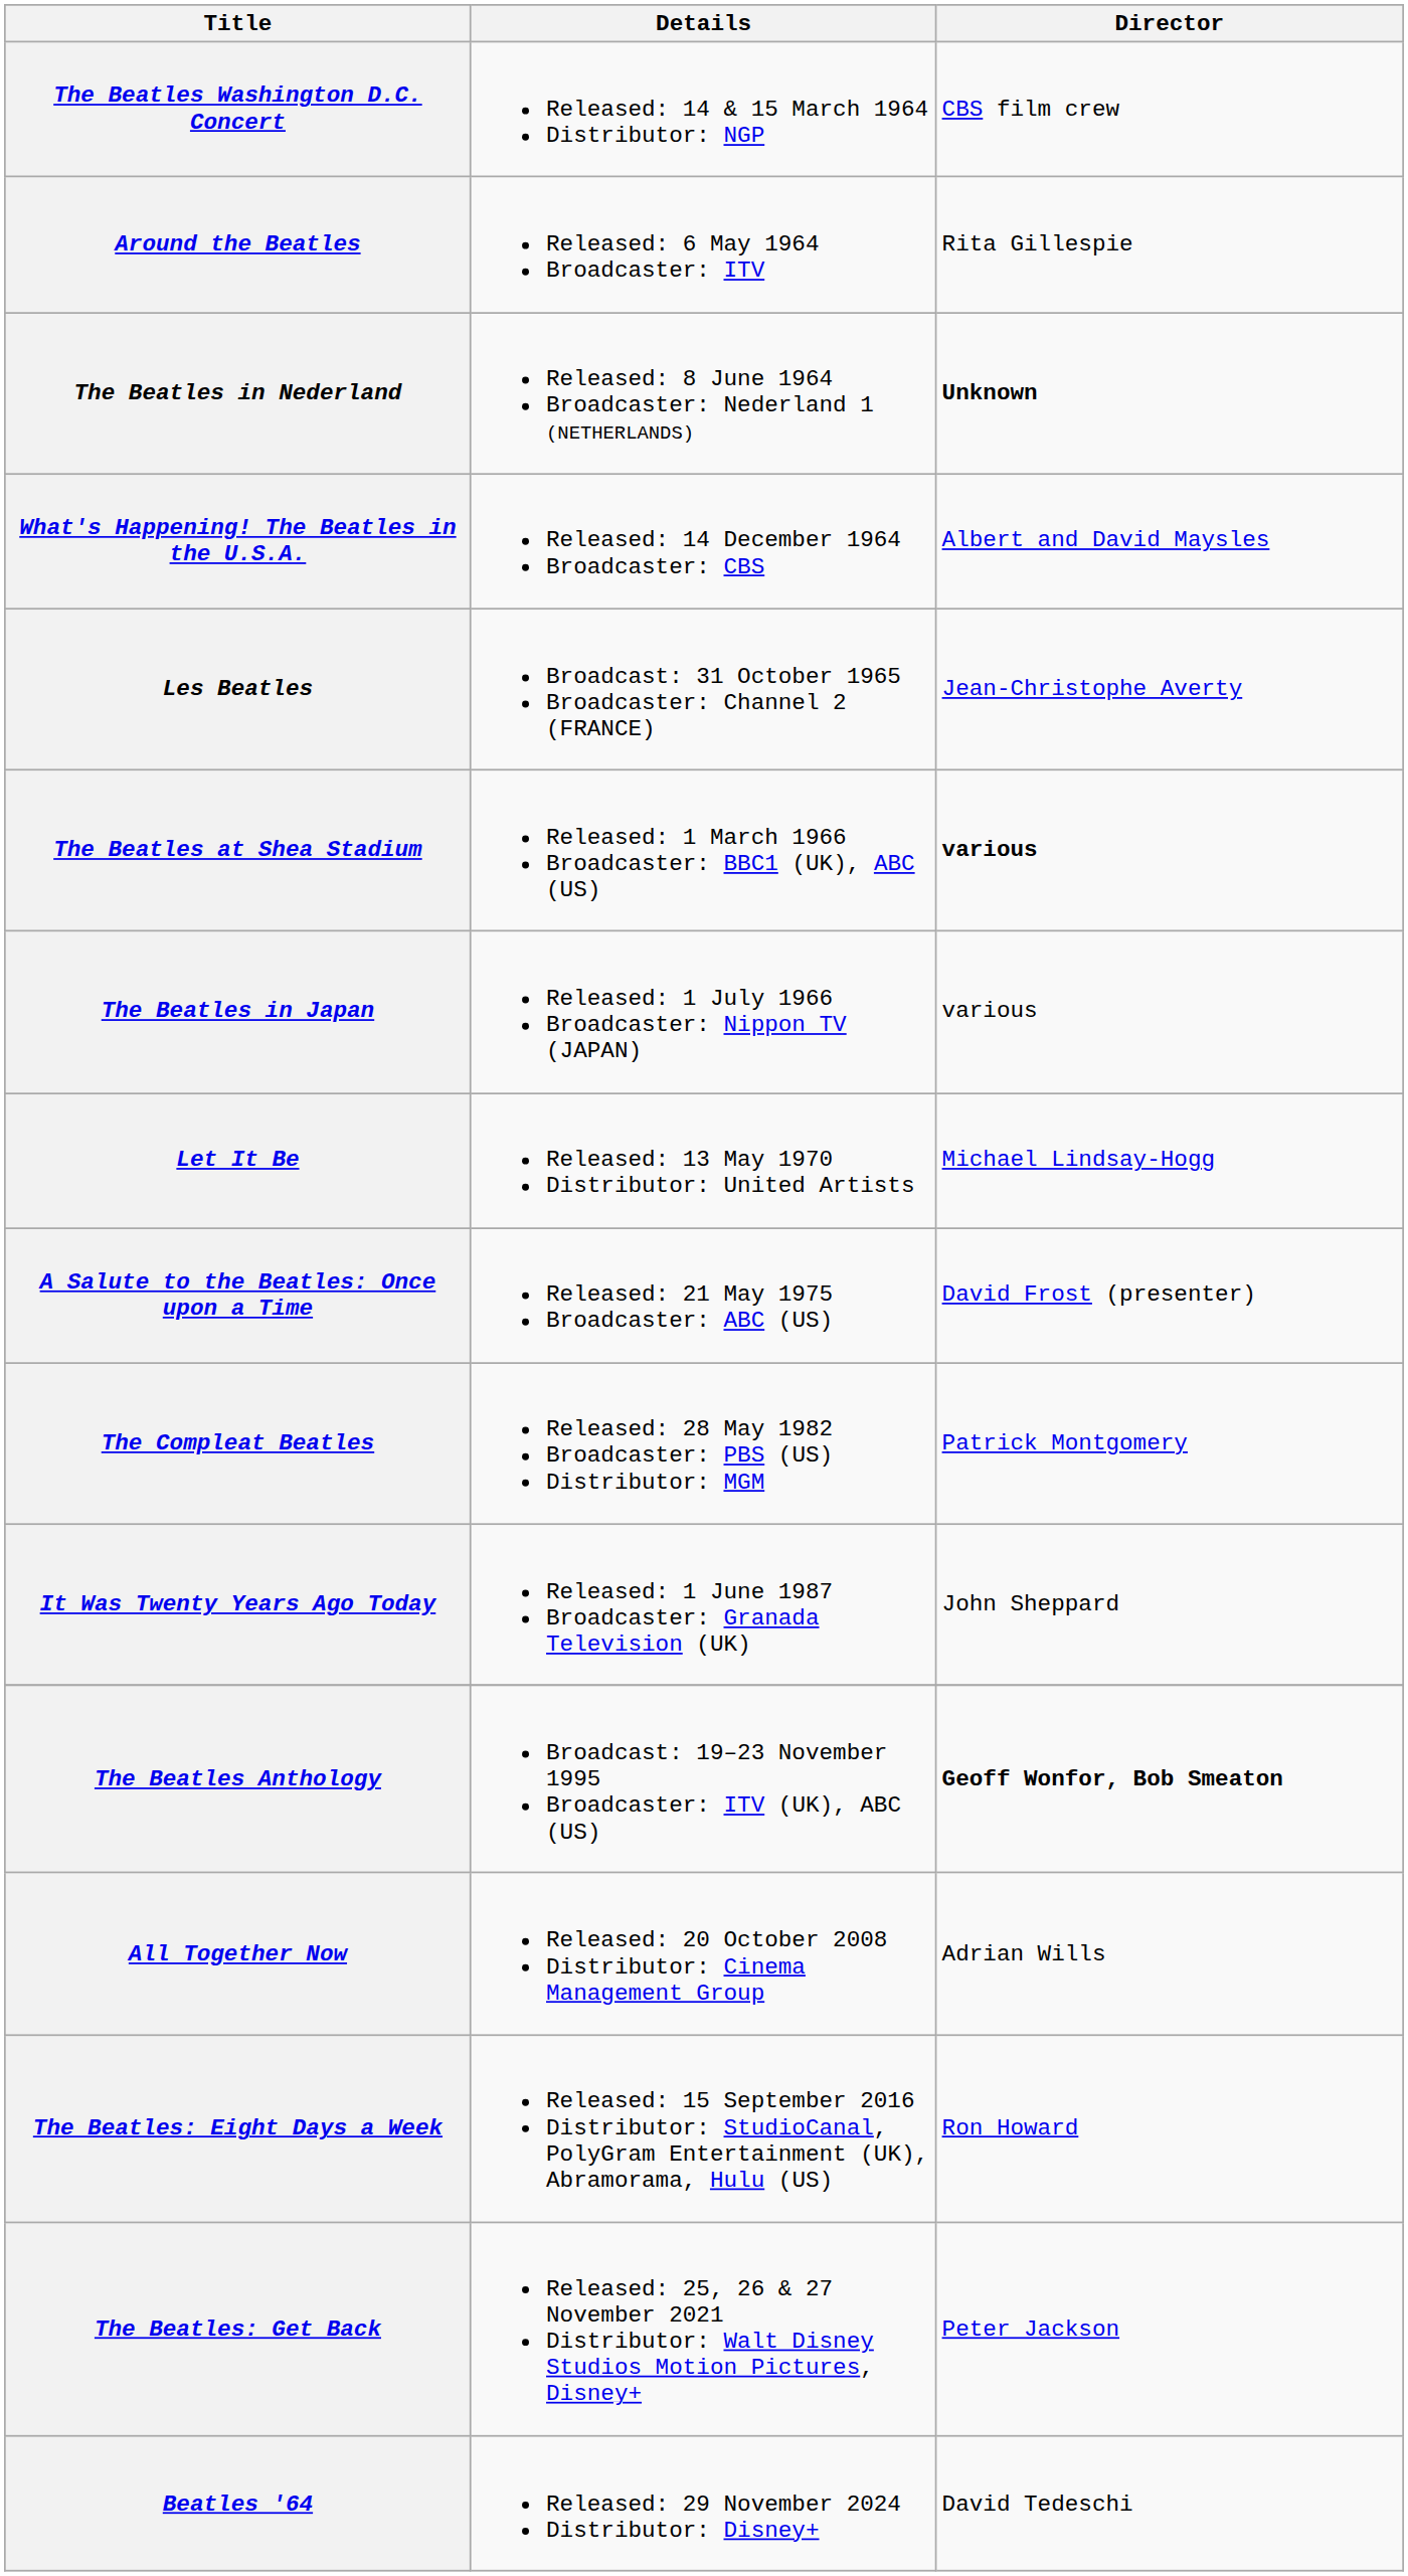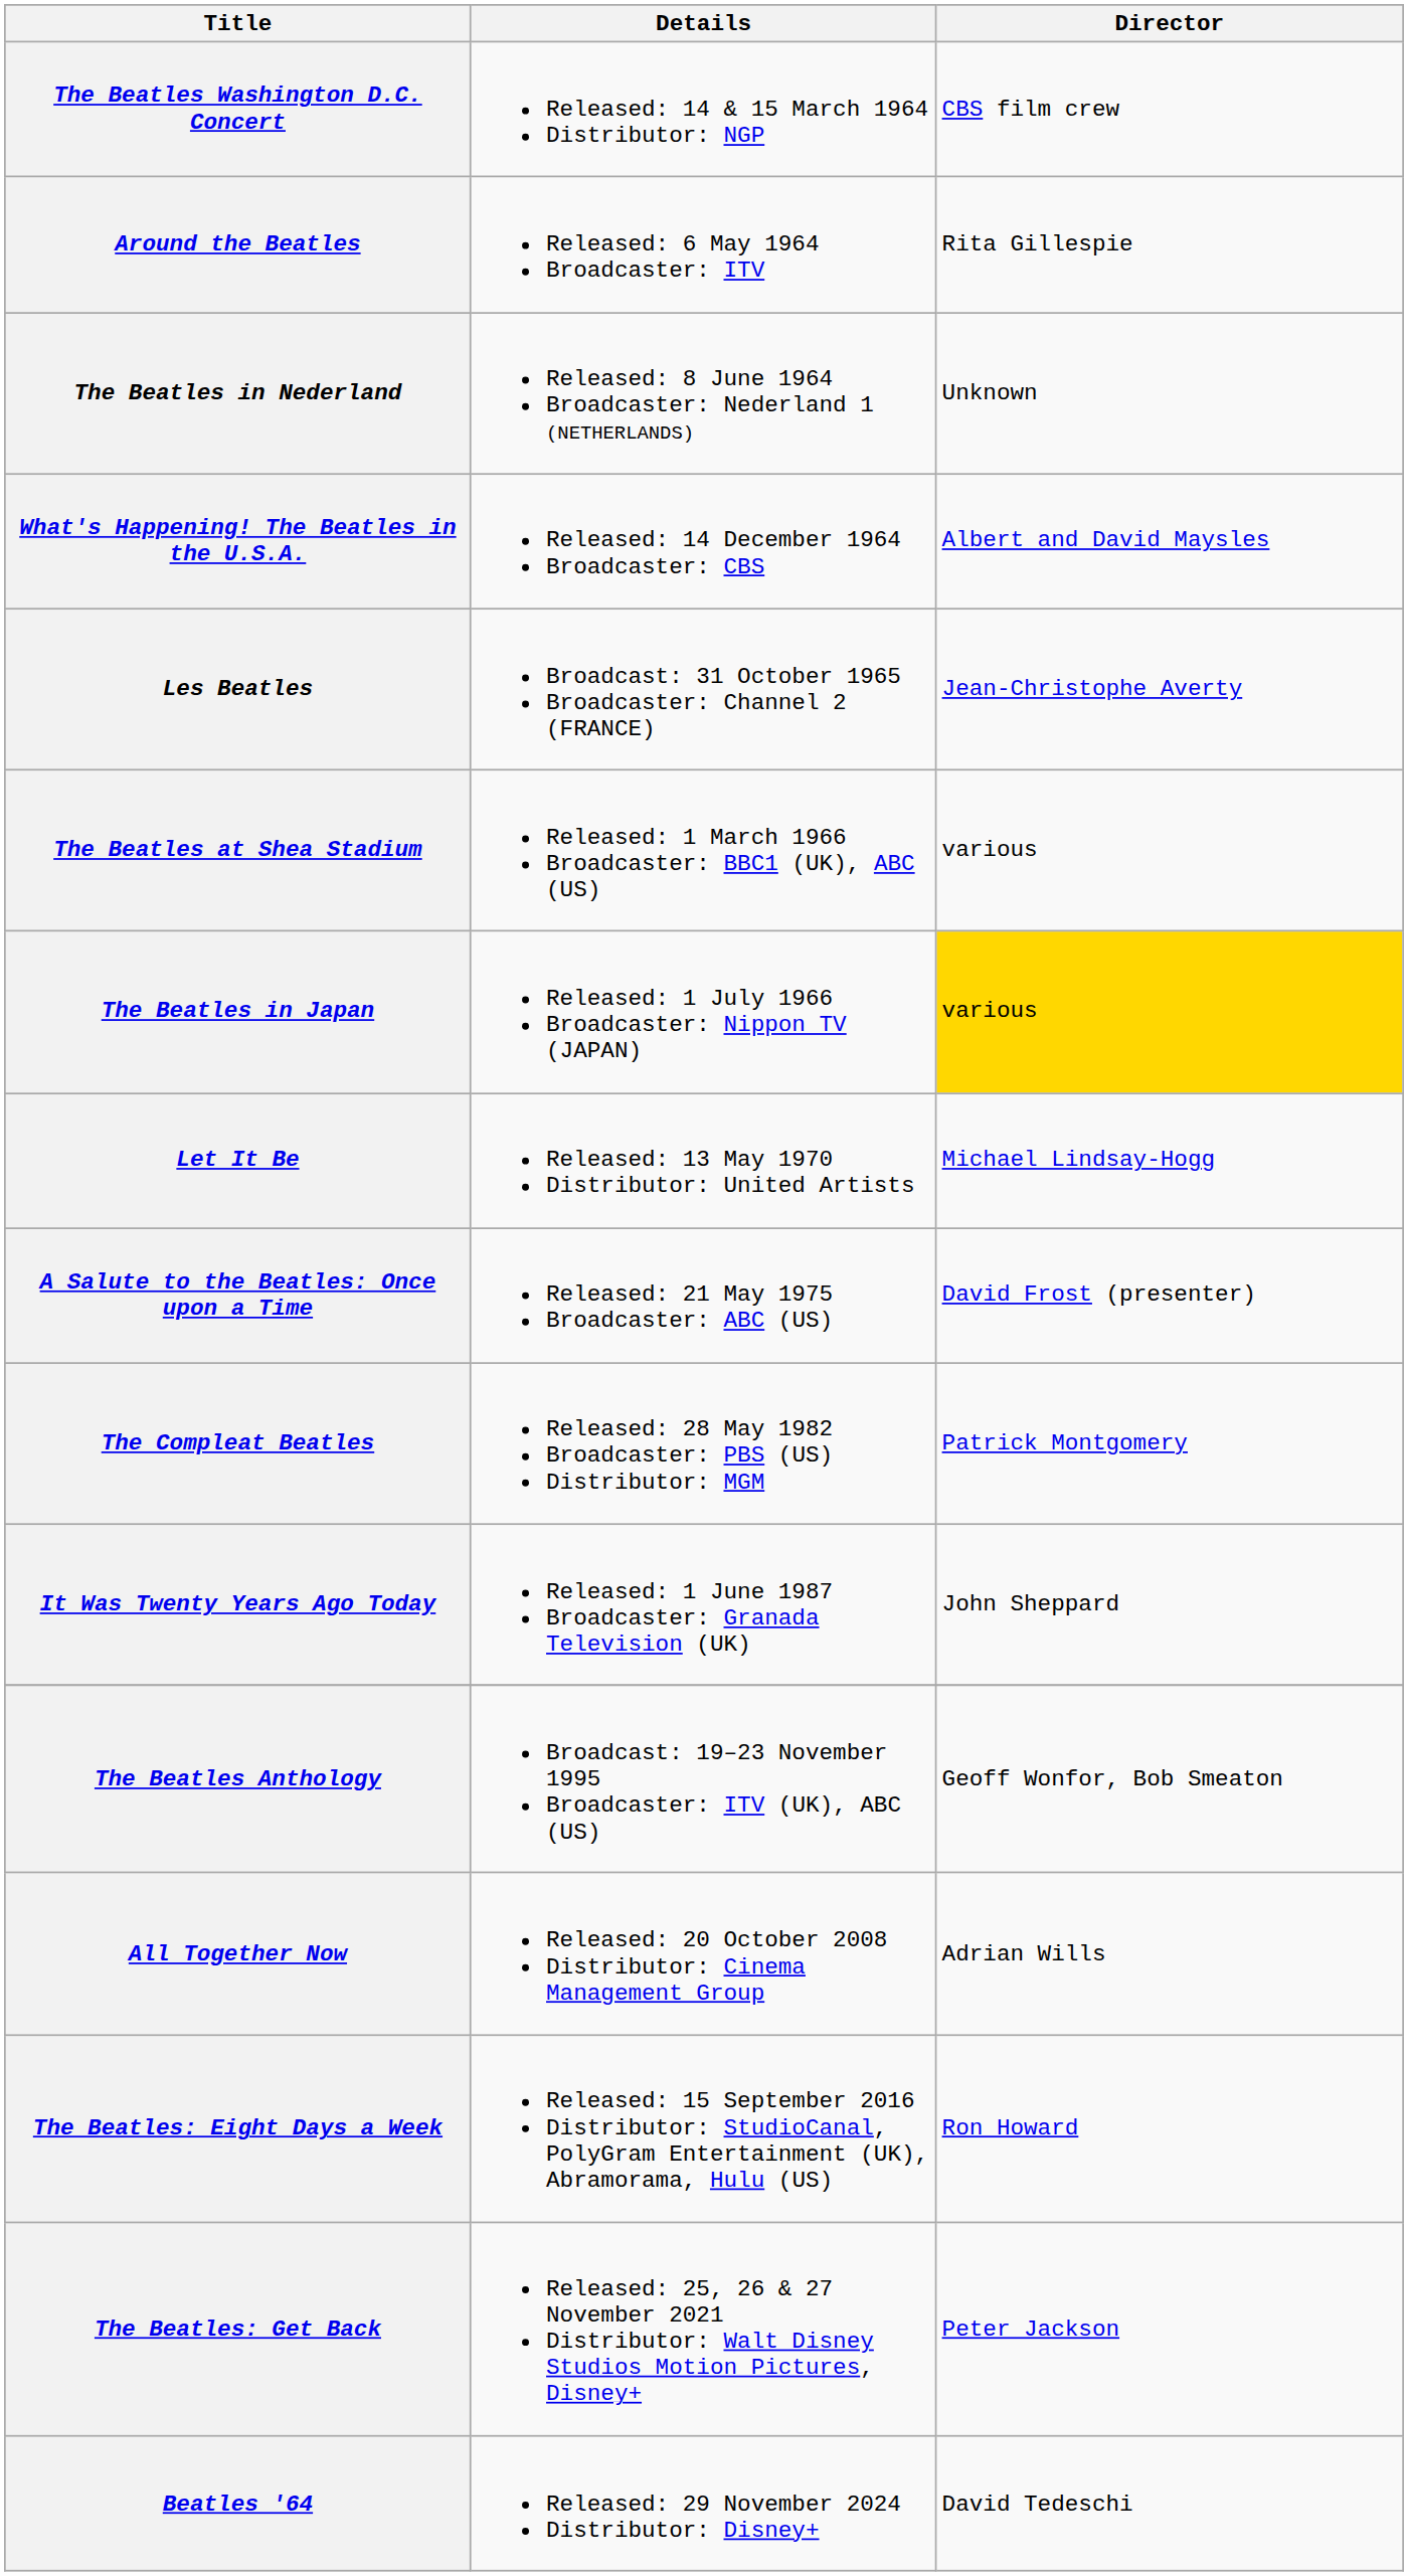 <table class="wikitable plainrowheaders">
 <tr>
 <th scope="col" style="width:20em;">Title</th>
 <th scope="col" style="width:20em;">Details</th>
 <th scope="col" style="width:20em;">Director</th>
 </tr>
 <tr>
 <th scope="row"><em><a href='#'>The Beatles Washington D.C. Concert</a></em></th>
 <td><br><ul><li>Released: 14 & 15 March 1964</li><li>Distributor: <a href='#'>NGP</a></li></ul></td>
 <td><a href='#'>CBS</a> film crew</td>
 </tr>
 <tr>
 <th scope="row"><em><a href='#'>Around the Beatles</a></em></th>
 <td><br><ul><li>Released: 6 May 1964</li><li>Broadcaster: <a href='#'>ITV</a></li></ul></td>
 <td>Rita Gillespie</td>
 </tr>
 <tr>
 <th scope="row"><em>The Beatles in Nederland</em></th>
 <td><br><ul><li>Released: 8 June 1964</li><li>Broadcaster: Nederland 1 <small>(NETHERLANDS)</small></li></ul></td>
-<td><strong>Unknown</strong></td>
+<td>Unknown</td>
 </tr>
 <tr>
 <th scope="row"><em><a href='#'>What's Happening! The Beatles in the U.S.A.</a></em></th>
 <td><br><ul><li>Released: 14 December 1964</li><li>Broadcaster: <a href='#'>CBS</a></li></ul></td>
 <td><a href='#'>Albert and David Maysles</a></td>
 </tr>
 <tr>
 <th scope="row"><em>Les Beatles</em></th>
 <td><br><ul><li>Broadcast: 31 October 1965</li><li>Broadcaster: Channel 2 <span>(FRANCE)</span></li></ul></td>
 <td><a href='#'>Jean-Christophe Averty</a></td>
 </tr>
 <tr>
 <th scope="row"><em><a href='#'>The Beatles at Shea Stadium</a></em></th>
 <td><br><ul><li>Released: 1 March 1966</li><li>Broadcaster: <a href='#'>BBC1</a> <span>(UK)</span>, <a href='#'>ABC</a> <span>(US)</span></li></ul></td>
-<td><strong>various</strong></td>
+<td>various</td>
 </tr>
 <tr>
 <th scope="row"><em><a href='#'>The Beatles in Japan</a></em></th>
 <td><br><ul><li>Released: 1 July 1966</li><li>Broadcaster: <a href='#'>Nippon TV</a> <span>(JAPAN)</span></li></ul></td>
-<td>various</td>
+<td style="background: gold;">various</td>
 </tr>
 <tr>
 <th scope="row"><em><a href='#'>Let It Be</a></em></th>
 <td><br><ul><li>Released: 13 May 1970</li><li>Distributor: United Artists</li></ul></td>
 <td><a href='#'>Michael Lindsay-Hogg</a></td>
 </tr>
 <tr>
 <th scope="row"><em><a href='#'>A Salute to the Beatles: Once upon a Time</a></em></th>
 <td><br><ul><li>Released: 21 May 1975</li><li>Broadcaster: <a href='#'>ABC</a> <span>(US)</span></li></ul></td>
 <td><a href='#'>David Frost</a> (presenter)</td>
 </tr>
 <tr>
 <th scope="row"><em><a href='#'>The Compleat Beatles</a></em></th>
 <td><br><ul><li>Released: 28 May 1982</li><li>Broadcaster: <a href='#'>PBS</a> <span>(US)</span></li><li>Distributor: <a href='#'>MGM</a></li></ul></td>
 <td><a href='#'>Patrick Montgomery</a></td>
 </tr>
 <tr>
 <th scope="row"><em><a href='#'>It Was Twenty Years Ago Today</a></em></th>
 <td><br><ul><li>Released: 1 June 1987</li><li>Broadcaster: <a href='#'>Granada Television</a> <span>(UK)</span></li></ul></td>
 <td>John Sheppard</td>
 </tr>
 <tr>
 </tr>
 <tr>
 <th scope="row"><em><a href='#'>The Beatles Anthology</a></em></th>
 <td><br><ul><li>Broadcast: 19–23 November 1995</li><li>Broadcaster: <a href='#'>ITV</a> <span>(UK)</span>, ABC <span>(US)</span></li></ul></td>
-<td><strong>Geoff Wonfor, Bob Smeaton</strong></td>
+<td>Geoff Wonfor, Bob Smeaton</td>
 </tr>
 <tr>
 <th scope="row"><em><a href='#'>All Together Now</a></em></th>
 <td><br><ul><li>Released: 20 October 2008</li><li>Distributor: <a href='#'>Cinema Management Group</a></li></ul></td>
 <td>Adrian Wills</td>
 </tr>
 <tr>
 <th scope="row"><em><a href='#'>The Beatles: Eight Days a Week</a></em></th>
 <td><br><ul><li>Released: 15 September 2016</li><li>Distributor: <a href='#'>StudioCanal</a>, PolyGram Entertainment <span>(UK)</span>, Abramorama, <a href='#'>Hulu</a> <span>(US)</span></li></ul></td>
 <td><a href='#'>Ron Howard</a></td>
 </tr>
 <tr>
 <th scope="row"><em><a href='#'>The Beatles: Get Back</a></em></th>
 <td><br><ul><li>Released: 25, 26 & 27 November 2021</li><li>Distributor: <a href='#'>Walt Disney Studios Motion Pictures</a>, <a href='#'>Disney+</a></li></ul></td>
 <td><a href='#'>Peter Jackson</a></td>
 </tr>
 <tr>
 <th scope="row"><em><a href='#'>Beatles '64</a></em></th>
 <td><br><ul><li>Released: 29 November 2024</li><li>Distributor: <a href='#'>Disney+</a></li></ul></td>
 <td>David Tedeschi</td>
 </tr>
 </table>
